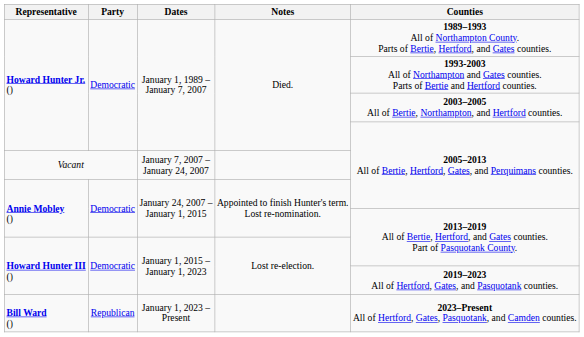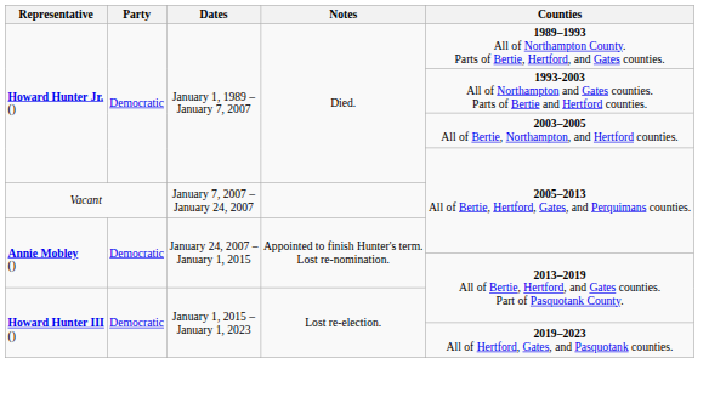 <table class=wikitable style="text-align:center">
 <tr>
 <th>Representative</th>
 <th>Party</th>
 <th>Dates</th>
 <th>Notes</th>
 <th>Counties</th>
 </tr>
 <tr style="height:3em">
 <td rowspan=4 align=left><strong><a href='#'>Howard Hunter Jr.</a></strong><br>()</td>
 <td rowspan=4 ><a href='#'>Democratic</a></td>
 <td rowspan=4 nowrap>January 1, 1989 – <br> January 7, 2007</td>
 <td rowspan=4>Died.</td>
 <td><strong>1989–1993</strong> <br> All of <a href='#'>Northampton County</a>. <br> Parts of <a href='#'>Bertie</a>, <a href='#'>Hertford</a>, and <a href='#'>Gates</a> counties.</td>
 </tr>
 <tr style="height:3em">
 <td><strong>1993-2003</strong> <br> All of <a href='#'>Northampton</a> and <a href='#'>Gates</a> counties. <br> Parts of <a href='#'>Bertie</a> and <a href='#'>Hertford</a> counties.</td>
 </tr>
 <tr style="height:3em">
 <td><strong>2003–2005</strong><br> All of <a href='#'>Bertie</a>, <a href='#'>Northampton</a>, and <a href='#'>Hertford</a> counties.</td>
 </tr>
 <tr style="height:3em">
 <td rowspan=3><strong>2005–2013</strong><br> All of <a href='#'>Bertie</a>, <a href='#'>Hertford</a>, <a href='#'>Gates</a>, and <a href='#'>Perquimans</a> counties.</td>
 </tr>
 <tr style="height:3em">
 <td colspan=2><em>Vacant</em></td>
 <td nowrap>January 7, 2007 – <br> January 24, 2007</td>
 <td></td>
 </tr>
 <tr style="height:3em">
 <td rowspan=2 align=left><br><strong><a href='#'>Annie Mobley</a></strong><br>()</td>
 <td rowspan=2 ><a href='#'>Democratic</a></td>
 <td rowspan=2 nowrap>January 24, 2007 – <br> January 1, 2015</td>
 <td rowspan=2>Appointed to finish Hunter's term. <br> Lost re-nomination.</td>
 </tr>
 <tr style="height:3em">
 <td rowspan=2><strong>2013–2019</strong><br> All of <a href='#'>Bertie</a>, <a href='#'>Hertford</a>, and <a href='#'>Gates</a> counties. <br> Part of <a href='#'>Pasquotank County</a>.</td>
 </tr>
 <tr style="height:3em">
 <td rowspan=2 align=left><br><strong><a href='#'>Howard Hunter III</a></strong><br>()</td>
 <td rowspan=2 ><a href='#'>Democratic</a></td>
 <td rowspan=2 nowrap>January 1, 2015 – <br> January 1, 2023</td>
 <td rowspan=2>Lost re-election.</td>
 </tr>
 <tr style="height:3em">
 <td><strong>2019–2023</strong> <br> All of <a href='#'>Hertford</a>, <a href='#'>Gates</a>, and <a href='#'>Pasquotank</a> counties.</td>
 </tr>
-<tr style="height:3em">
-<td align=left><br><strong><a href='#'>Bill Ward</a></strong><br>()</td>
-<td><a href='#'>Republican</a></td>
-<td nowrap>January 1, 2023 – <br> Present</td>
-<td></td>
-<td><strong>2023–Present</strong> <br> All of <a href='#'>Hertford</a>, <a href='#'>Gates</a>, <a href='#'>Pasquotank</a>, and <a href='#'>Camden</a> counties.</td>
-</tr>
 </table>
